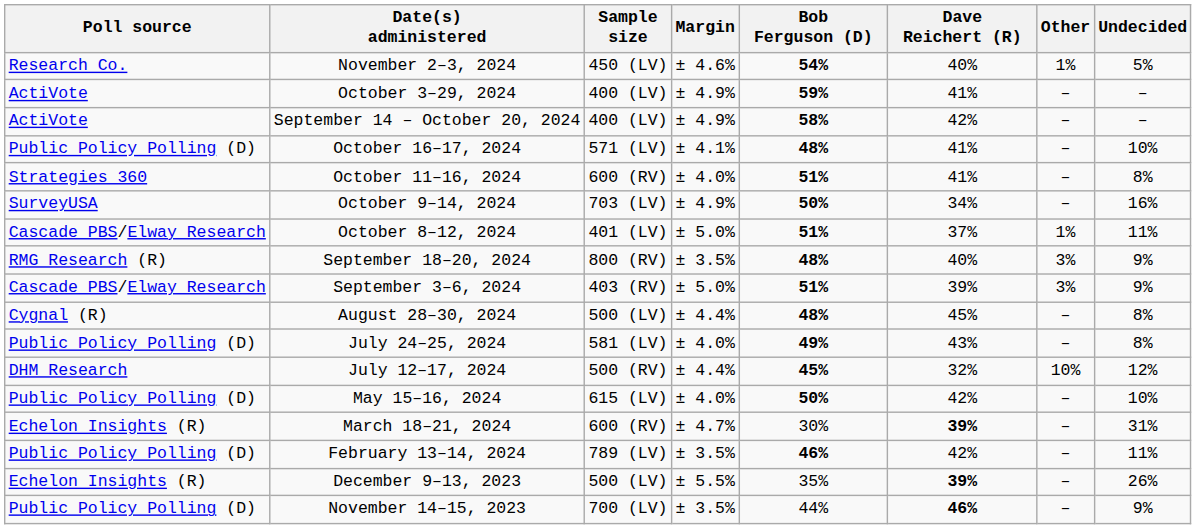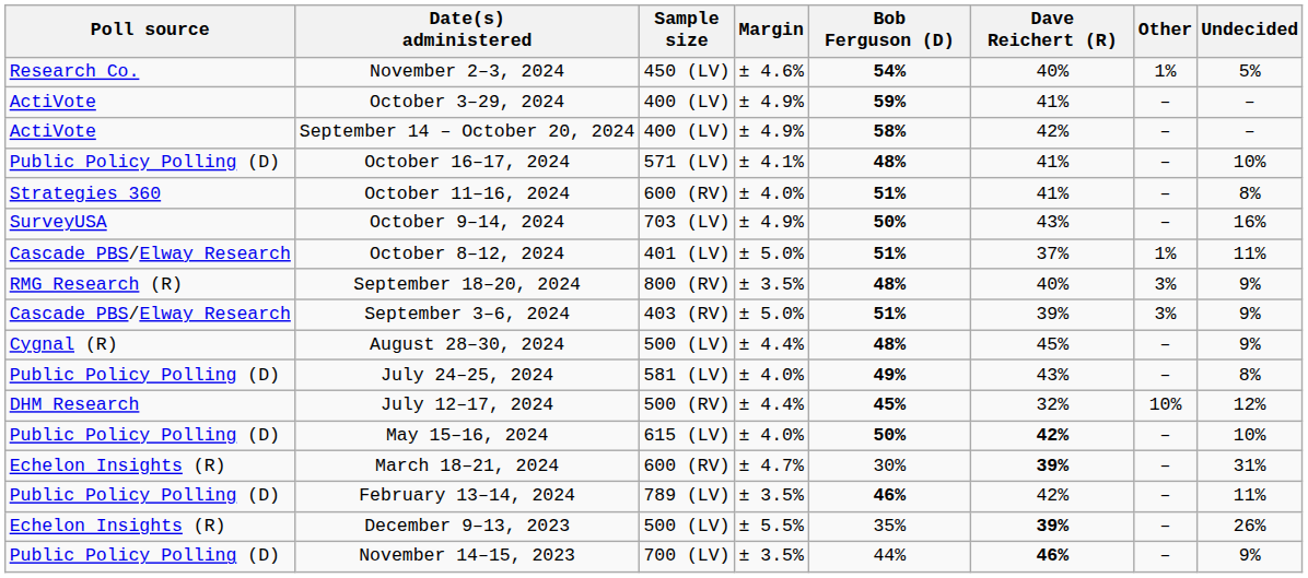 <table class="wikitable" style="font-size:90%;text-align:center;">
 <tr>
 <th>Poll source</th>
 <th>Date(s)<br>administered</th>
 <th>Sample<br>size</th>
 <th>Margin<br></th>
 <th style="width:100px;">Bob<br>Ferguson (D)</th>
 <th style="width:100px;">Dave<br>Reichert (R)</th>
 <th>Other</th>
 <th>Undecided</th>
 </tr>
 <tr>
 <td style="text-align:left;"><a href='#'>Research Co.</a></td>
 <td>November 2–3, 2024</td>
 <td>450 (LV)</td>
 <td>± 4.6%</td>
 <td><strong>54%</strong></td>
 <td>40%</td>
 <td>1%</td>
 <td>5%</td>
 </tr>
 <tr>
 <td style="text-align:left;"><a href='#'>ActiVote</a></td>
 <td>October 3–29, 2024</td>
 <td>400 (LV)</td>
 <td>± 4.9%</td>
 <td><strong>59%</strong></td>
 <td>41%</td>
 <td>–</td>
 <td>–</td>
 </tr>
 <tr>
 <td style="text-align:left;"><a href='#'>ActiVote</a></td>
 <td data-sort-value="2024-10-17">September 14 – October 20, 2024</td>
 <td>400 (LV)</td>
 <td>± 4.9%</td>
 <td><strong>58%</strong></td>
 <td>42%</td>
 <td>–</td>
 <td>–</td>
 </tr>
 <tr>
 <td style="text-align:left;"><a href='#'>Public Policy Polling</a> (D)</td>
 <td data-sort-value="2024-10-17">October 16–17, 2024</td>
 <td>571 (LV)</td>
 <td>± 4.1%</td>
 <td><strong>48%</strong></td>
 <td>41%</td>
 <td>–</td>
 <td>10%</td>
 </tr>
 <tr>
 <td style="text-align:left;"><a href='#'>Strategies 360</a></td>
 <td>October 11–16, 2024</td>
 <td>600 (RV)</td>
 <td>± 4.0%</td>
 <td><strong>51%</strong></td>
 <td>41%</td>
 <td>–</td>
 <td>8%</td>
 </tr>
 <tr>
 <td style="text-align:left;"><a href='#'>SurveyUSA</a></td>
 <td>October 9–14, 2024</td>
 <td>703 (LV)</td>
 <td>± 4.9%</td>
 <td><strong>50%</strong></td>
-<td>34%</td>
+<td>43%</td>
 <td>–</td>
 <td>16%</td>
 </tr>
 <tr>
 <td style="text-align:left;"><a href='#'>Cascade PBS</a>/<a href='#'>Elway Research</a></td>
 <td>October 8–12, 2024</td>
 <td>401 (LV)</td>
 <td>± 5.0%</td>
 <td><strong>51%</strong></td>
 <td>37%</td>
 <td>1%</td>
 <td>11%</td>
 </tr>
 <tr>
 <td style="text-align:left;"><a href='#'>RMG Research</a> (R)</td>
 <td data-sort-value="2024-08-15">September 18–20, 2024</td>
 <td>800 (RV)</td>
 <td>± 3.5%</td>
 <td><strong>48%</strong></td>
 <td>40%</td>
 <td>3%</td>
 <td>9%</td>
 </tr>
 <tr>
 <td style="text-align:left;"><a href='#'>Cascade PBS</a>/<a href='#'>Elway Research</a></td>
 <td>September 3–6, 2024</td>
 <td>403 (RV)</td>
 <td>± 5.0%</td>
 <td><strong>51%</strong></td>
 <td>39%</td>
 <td>3%</td>
 <td>9%</td>
 </tr>
 <tr>
 <td style="text-align:left;"><a href='#'>Cygnal</a> (R)</td>
 <td data-sort-value="2024-08-30">August 28–30, 2024</td>
 <td>500 (LV)</td>
 <td>± 4.4%</td>
 <td><strong>48%</strong></td>
 <td>45%</td>
 <td>–</td>
-<td>8%</td>
+<td>9%</td>
 </tr>
 <tr>
 <td style="text-align:left;"><a href='#'>Public Policy Polling</a> (D)</td>
 <td data-sort-value="2024-07-25">July 24–25, 2024</td>
 <td>581 (LV)</td>
 <td>± 4.0%</td>
 <td><strong>49%</strong></td>
 <td>43%</td>
 <td>–</td>
 <td>8%</td>
 </tr>
 <tr>
 <td style="text-align:left;"><a href='#'>DHM Research</a></td>
 <td data-sort-value="2024-08-16">July 12–17, 2024</td>
 <td>500 (RV)</td>
 <td>± 4.4%</td>
 <td><strong>45%</strong></td>
 <td>32%</td>
 <td>10%</td>
 <td>12%</td>
 </tr>
 <tr>
 <td style="text-align:left;"><a href='#'>Public Policy Polling</a> (D)</td>
 <td>May 15–16, 2024</td>
 <td>615 (LV)</td>
 <td>± 4.0%</td>
 <td><strong>50%</strong></td>
-<td>42%</td>
+<td><strong>42%</strong></td>
 <td>–</td>
 <td>10%</td>
 </tr>
 <tr>
 <td style="text-align:left;"><a href='#'>Echelon Insights</a> (R)</td>
 <td>March 18–21, 2024</td>
 <td>600 (RV)</td>
 <td>± 4.7%</td>
 <td>30%</td>
 <td><strong>39%</strong></td>
 <td>–</td>
 <td>31%</td>
 </tr>
 <tr>
 <td style="text-align:left;"><a href='#'>Public Policy Polling</a> (D)</td>
 <td>February 13–14, 2024</td>
 <td>789 (LV)</td>
 <td>± 3.5%</td>
 <td><strong>46%</strong></td>
 <td>42%</td>
 <td>–</td>
 <td>11%</td>
 </tr>
 <tr>
 <td style="text-align:left;"><a href='#'>Echelon Insights</a> (R)</td>
 <td>December 9–13, 2023</td>
 <td>500 (LV)</td>
 <td>± 5.5%</td>
 <td>35%</td>
 <td><strong>39%</strong></td>
 <td>–</td>
 <td>26%</td>
 </tr>
 <tr>
 <td style="text-align:left;"><a href='#'>Public Policy Polling</a> (D)</td>
 <td>November 14–15, 2023</td>
 <td>700 (LV)</td>
 <td>± 3.5%</td>
 <td>44%</td>
 <td><strong>46%</strong></td>
 <td>–</td>
 <td>9%</td>
 </tr>
 </table>
